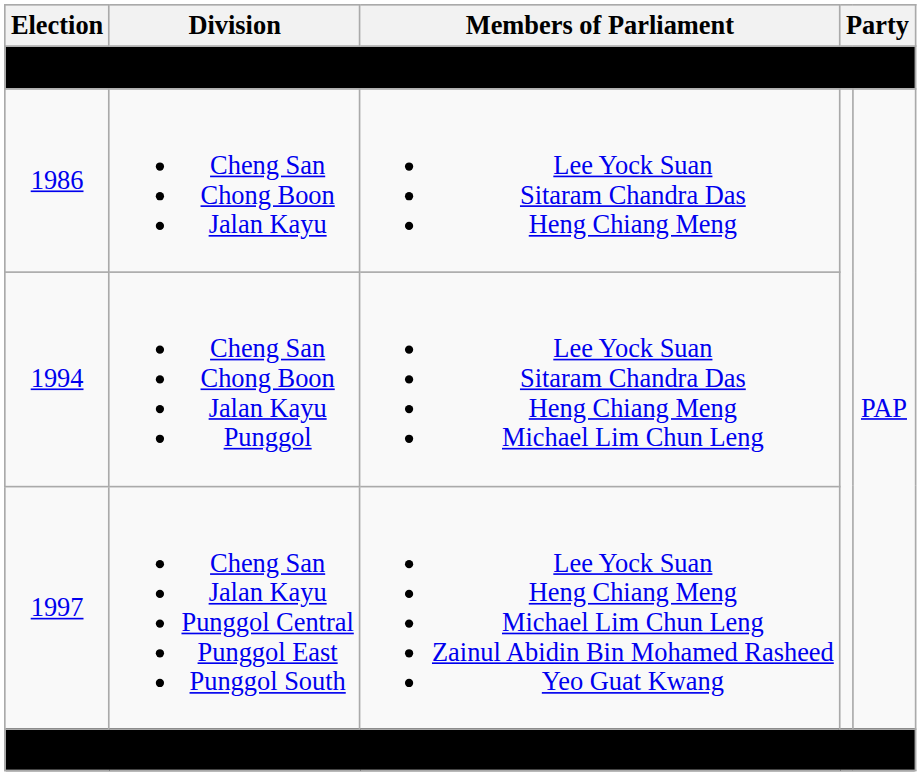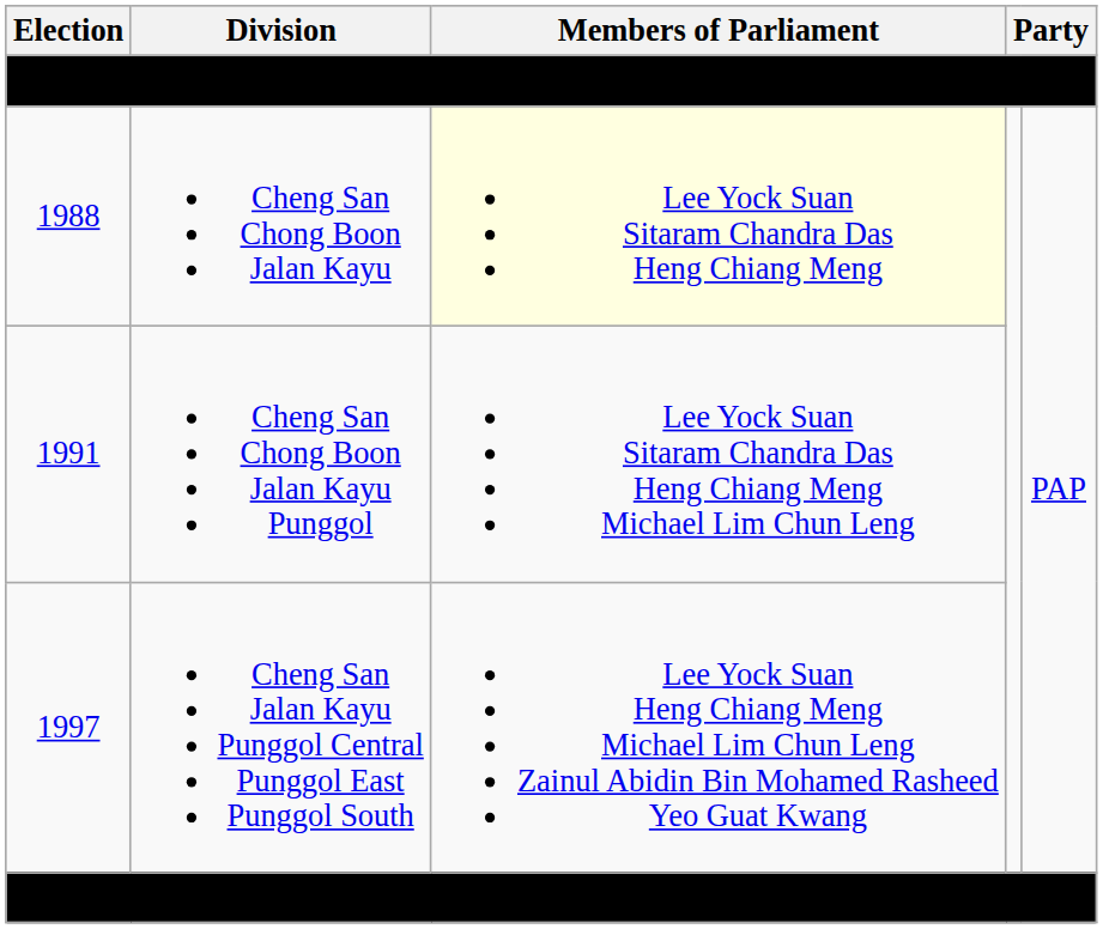 <table class="wikitable" align="center" style="text-align:center">
 <tr>
 <th>Election</th>
 <th>Division</th>
 <th>Members of Parliament</th>
 <th colspan="2">Party</th>
 </tr>
 <tr>
 <td colspan="5" bgcolor="black"><span><strong>Formation</strong></span></td>
 </tr>
 <tr>
-<td><a href='#'>1986</a></td>
+<td><a href='#'>1988</a></td>
 <td><br><ul><li><a href='#'>Cheng San</a></li><li><a href='#'>Chong Boon</a></li><li><a href='#'>Jalan Kayu</a></li></ul></td>
-<td><br><ul><li><a href='#'>Lee Yock Suan</a></li><li><a href='#'>Sitaram Chandra Das</a></li><li><a href='#'>Heng Chiang Meng</a></li></ul></td>
+<td style="background: lightyellow;"><br><ul><li><a href='#'>Lee Yock Suan</a></li><li><a href='#'>Sitaram Chandra Das</a></li><li><a href='#'>Heng Chiang Meng</a></li></ul></td>
 <td rowspan="3"></td>
 <td rowspan="3"><a href='#'>PAP</a></td>
 </tr>
 <tr>
-<td><a href='#'>1994</a></td>
+<td><a href='#'>1991</a></td>
 <td><br><ul><li><a href='#'>Cheng San</a></li><li><a href='#'>Chong Boon</a></li><li><a href='#'>Jalan Kayu</a></li><li><a href='#'>Punggol</a></li></ul></td>
 <td><br><ul><li><a href='#'>Lee Yock Suan</a></li><li><a href='#'>Sitaram Chandra Das</a></li><li><a href='#'>Heng Chiang Meng</a></li><li><a href='#'>Michael Lim Chun Leng</a></li></ul></td>
 </tr>
 <tr>
 <td><a href='#'>1997</a></td>
 <td><br><ul><li><a href='#'>Cheng San</a></li><li><a href='#'>Jalan Kayu</a></li><li><a href='#'>Punggol Central</a></li><li><a href='#'>Punggol East</a></li><li><a href='#'>Punggol South</a></li></ul></td>
 <td><br><ul><li><a href='#'>Lee Yock Suan</a></li><li><a href='#'>Heng Chiang Meng</a></li><li><a href='#'>Michael Lim Chun Leng</a></li><li><a href='#'>Zainul Abidin Bin Mohamed Rasheed</a></li><li><a href='#'>Yeo Guat Kwang</a></li></ul></td>
 </tr>
 <tr>
 <td colspan="5" bgcolor="black"><span><strong>Abolished (2001)</strong></span></td>
 </tr>
 </table>
